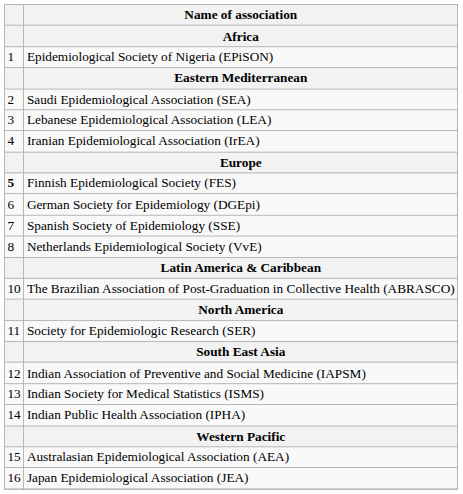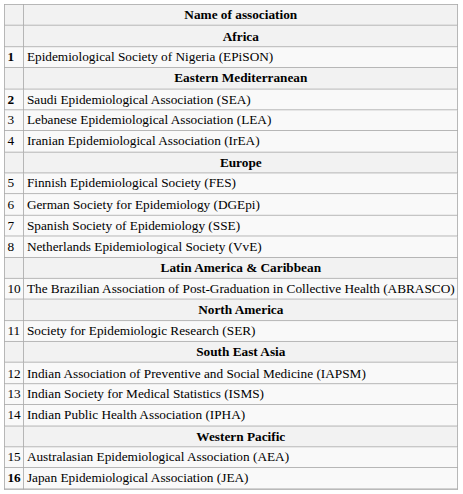 <table class="wikitable">
 <tr>
 <th></th>
 <th>Name of association</th>
 </tr>
 <tr>
 <th></th>
 <th>Africa</th>
 </tr>
 <tr>
-<td>1</td>
+<td><strong>1</strong></td>
 <td>Epidemiological Society of Nigeria (EPiSON)</td>
 </tr>
 <tr>
 <th></th>
 <th>Eastern Mediterranean</th>
 </tr>
 <tr>
-<td>2</td>
+<td><strong>2</strong></td>
 <td>Saudi Epidemiological Association (SEA)</td>
 </tr>
 <tr>
 <td>3</td>
 <td>Lebanese Epidemiological Association (LEA)</td>
 </tr>
 <tr>
 <td>4</td>
 <td>Iranian Epidemiological Association (IrEA)</td>
 </tr>
 <tr>
 <th></th>
 <th>Europe</th>
 </tr>
 <tr>
-<td><strong>5</strong></td>
+<td>5</td>
 <td>Finnish Epidemiological Society (FES)</td>
 </tr>
 <tr>
 <td>6</td>
 <td>German Society for Epidemiology (DGEpi)</td>
 </tr>
 <tr>
 <td>7</td>
 <td>Spanish Society of Epidemiology (SSE)</td>
 </tr>
 <tr>
 <td>8</td>
 <td>Netherlands Epidemiological Society (VvE)</td>
 </tr>
 <tr>
 <th></th>
 <th>Latin America & Caribbean</th>
 </tr>
 <tr>
 <td>10</td>
 <td>The Brazilian Association of Post-Graduation in Collective Health (ABRASCO)</td>
 </tr>
 <tr>
 <th></th>
 <th>North America</th>
 </tr>
 <tr>
 <td>11</td>
 <td>Society for Epidemiologic Research (SER)</td>
 </tr>
 <tr>
 <th></th>
 <th>South East Asia</th>
 </tr>
 <tr>
 <td><span></span> 12</td>
 <td>Indian Association of Preventive and Social Medicine (IAPSM)</td>
 </tr>
 <tr>
 <td>13</td>
 <td>Indian Society for Medical Statistics (ISMS)</td>
 </tr>
 <tr>
 <td>14</td>
 <td>Indian Public Health Association (IPHA)</td>
 </tr>
 <tr>
 <th></th>
 <th>Western Pacific</th>
 </tr>
 <tr>
 <td>15</td>
 <td>Australasian Epidemiological Association (AEA)</td>
 </tr>
 <tr>
-<td>16</td>
+<td><strong>16</strong></td>
 <td>Japan Epidemiological Association (JEA)</td>
 </tr>
 <tr>
 </tr>
 </table>
